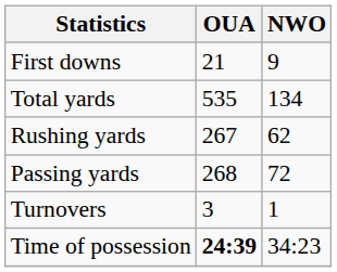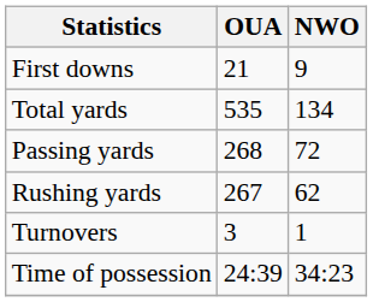 <table class="wikitable" style="float: left;">
 <tr>
 <th>Statistics</th>
 <th>OUA</th>
 <th>NWO</th>
 </tr>
 <tr>
 <td>First downs</td>
 <td>21</td>
 <td>9</td>
 </tr>
 <tr>
 <td>Total yards</td>
 <td>535</td>
 <td>134</td>
 </tr>
 <tr>
+<td>Passing yards</td>
+<td>268</td>
+<td>72</td>
+</tr>
+<tr>
 <td>Rushing yards</td>
 <td>267</td>
 <td>62</td>
-</tr>
-<tr>
-<td>Passing yards</td>
-<td>268</td>
-<td>72</td>
 </tr>
 <tr>
 <td>Turnovers</td>
 <td>3</td>
 <td>1</td>
 </tr>
 <tr>
 <td>Time of possession</td>
-<td><strong>24:39</strong></td>
+<td>24:39</td>
 <td>34:23</td>
 </tr>
 <tr>
 </tr>
 </table>
